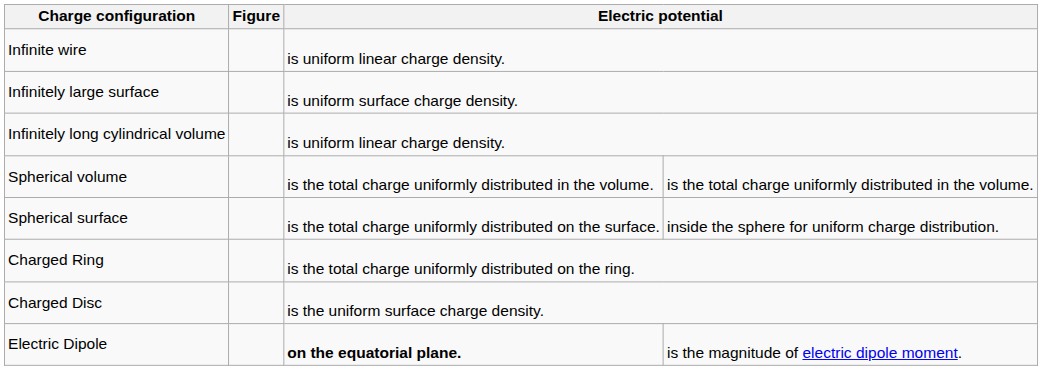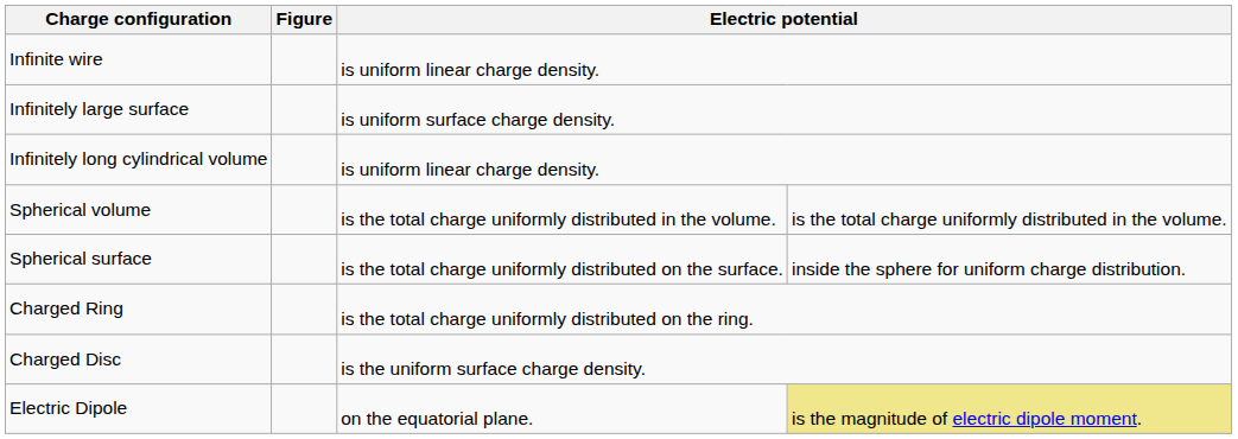 <table class="wikitable">
 <tr>
 <th>Charge configuration</th>
 <th>Figure</th>
 <th colspan="2">Electric potential</th>
 </tr>
 <tr>
 <td>Infinite wire</td>
 <td></td>
 <td colspan="2"><br> is uniform linear charge density.</td>
 </tr>
 <tr>
 <td>Infinitely large surface</td>
 <td></td>
 <td colspan="2"><br> is uniform surface charge density.</td>
 </tr>
 <tr>
 <td>Infinitely long cylindrical volume</td>
 <td></td>
 <td colspan="2"><br> is uniform linear charge density.</td>
 </tr>
 <tr>
 <td>Spherical volume</td>
 <td></td>
 <td><br> is the total charge uniformly distributed in the volume.</td>
 <td><br> is the total charge uniformly distributed in the volume.</td>
 </tr>
 <tr>
 <td>Spherical surface</td>
 <td></td>
 <td><br> is the total charge uniformly distributed on the surface.</td>
 <td><br>inside the sphere for uniform charge distribution.</td>
 </tr>
 <tr>
 <td>Charged Ring</td>
 <td></td>
 <td colspan="2"><br> is the total charge uniformly distributed on the ring.</td>
 </tr>
 <tr>
 <td>Charged Disc</td>
 <td></td>
 <td colspan="2"><br> is the uniform surface charge density.</td>
 </tr>
 <tr>
 <td>Electric Dipole</td>
 <td></td>
-<td><strong><br>on the equatorial plane.</strong></td>
-<td><br> is the magnitude of <a href='#'>electric dipole moment</a>.</td>
+<td><br>on the equatorial plane.</td>
+<td style="background: khaki;"><br> is the magnitude of <a href='#'>electric dipole moment</a>.</td>
 </tr>
 </table>
